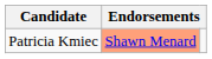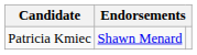 <table class="wikitable">
 <tr>
 <th colspan="1" align="center">Candidate</th>
 <th colspan="2" align="center">Endorsements</th>
 </tr>
 <tr>
 <td style="text-align:left;">Patricia Kmiec</td>
-<td style="background: lightsalmon;"><a href='#'>Shawn Menard</a></td>
+<td><a href='#'>Shawn Menard</a></td>
 <td></td>
 </tr>
 </table>
